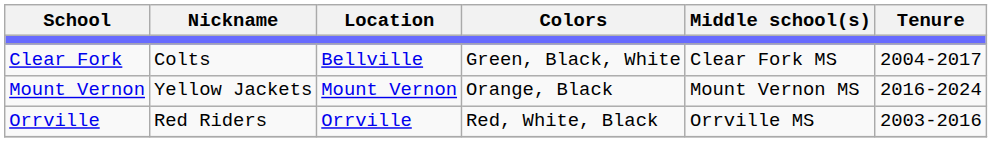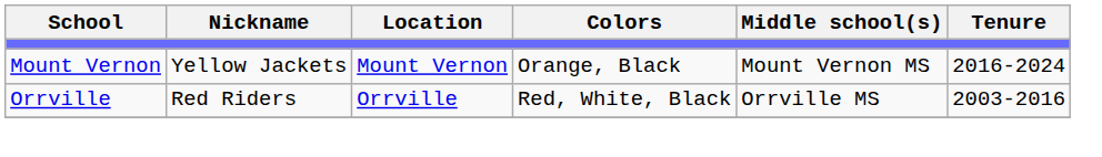 <table class="wikitable sortable">
 <tr>
 <th>School</th>
 <th>Nickname</th>
 <th>Location</th>
 <th>Colors</th>
 <th>Middle school(s)</th>
 <th>Tenure</th>
 </tr>
 <tr>
 <th colspan="6" style="background:#676AFE;"></th>
-</tr>
-<tr>
-<td><a href='#'>Clear Fork</a></td>
-<td>Colts</td>
-<td><a href='#'>Bellville</a></td>
-<td>Green, Black, White<br>  </td>
-<td>Clear Fork MS</td>
-<td>2004-2017</td>
 </tr>
 <tr>
 <td><a href='#'>Mount Vernon</a></td>
 <td>Yellow Jackets</td>
 <td><a href='#'>Mount Vernon</a></td>
 <td>Orange, Black <br> </td>
 <td>Mount Vernon MS</td>
 <td>2016-2024</td>
 </tr>
 <tr>
 <td><a href='#'>Orrville</a></td>
 <td>Red Riders</td>
 <td><a href='#'>Orrville</a></td>
 <td>Red, White, Black<br>   </td>
 <td>Orrville MS</td>
 <td>2003-2016</td>
 </tr>
 <tr>
 </tr>
 </table>
